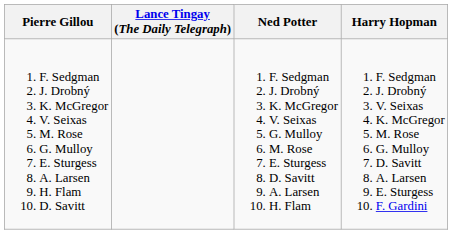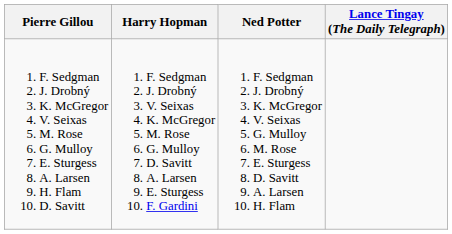 <table class="wikitable">
 <tr>
 <th>Pierre Gillou</th>
+<th>Harry Hopman</th>
+<th>Ned Potter</th>
 <th><a href='#'>Lance Tingay</a><br>(<em>The Daily Telegraph</em>)</th>
-<th>Ned Potter</th>
-<th>Harry Hopman</th>
 </tr>
 <tr style="vertical-align: top;">
 <td style="white-space: nowrap;"><br><ol><li> F. Sedgman</li><li> J. Drobný</li><li> K. McGregor</li><li> V. Seixas</li><li> M. Rose</li><li> G. Mulloy</li><li> E. Sturgess</li><li> A. Larsen</li><li> H. Flam</li><li> D. Savitt</li></ol></td>
+<td style="white-space: nowrap;"><br><ol><li> F. Sedgman</li><li> J. Drobný</li><li> V. Seixas</li><li> K. McGregor</li><li> M. Rose</li><li> G. Mulloy</li><li> D. Savitt</li><li> A. Larsen</li><li> E. Sturgess</li><li> <a href='#'>F. Gardini</a></li></ol></td>
+<td style="white-space: nowrap;"><br><ol><li> F. Sedgman</li><li> J. Drobný</li><li> K. McGregor</li><li> V. Seixas</li><li> G. Mulloy</li><li> M. Rose</li><li> E. Sturgess</li><li> D. Savitt</li><li> A. Larsen</li><li> H. Flam</li></ol></td>
 <td></td>
-<td style="white-space: nowrap;"><br><ol><li> F. Sedgman</li><li> J. Drobný</li><li> K. McGregor</li><li> V. Seixas</li><li> G. Mulloy</li><li> M. Rose</li><li> E. Sturgess</li><li> D. Savitt</li><li> A. Larsen</li><li> H. Flam</li></ol></td>
-<td style="white-space: nowrap;"><br><ol><li> F. Sedgman</li><li> J. Drobný</li><li> V. Seixas</li><li> K. McGregor</li><li> M. Rose</li><li> G. Mulloy</li><li> D. Savitt</li><li> A. Larsen</li><li> E. Sturgess</li><li> <a href='#'>F. Gardini</a></li></ol></td>
 </tr>
 </table>
